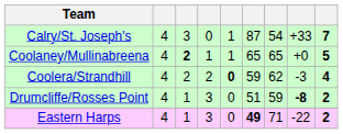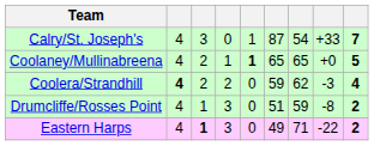 <table class="wikitable" style="text-align:center">
 <tr>
 <th style="width:175px;">Team</th>
 <th width="20"></th>
 <th width="20"></th>
 <th width="20"></th>
 <th width="20"></th>
 <th width="20"></th>
 <th width="20"></th>
 <th width="20"></th>
 <th width="20"></th>
 </tr>
 <tr style="background:#cfc;">
 <td><a href='#'>Calry/St. Joseph's</a></td>
 <td>4</td>
 <td>3</td>
 <td>0</td>
 <td>1</td>
 <td>87</td>
 <td>54</td>
 <td>+33</td>
 <td><strong>7</strong></td>
 </tr>
 <tr style="background:#cfc;">
 <td><a href='#'>Coolaney/Mullinabreena</a></td>
 <td>4</td>
-<td><strong>2</strong></td>
+<td>2</td>
 <td>1</td>
-<td>1</td>
+<td><strong>1</strong></td>
 <td>65</td>
 <td>65</td>
 <td>+0</td>
 <td><strong>5</strong></td>
 </tr>
 <tr style="background:#cfc;">
 <td><a href='#'>Coolera/Strandhill</a></td>
-<td>4</td>
+<td><strong>4</strong></td>
 <td>2</td>
 <td>2</td>
-<td><strong>0</strong></td>
+<td>0</td>
 <td>59</td>
 <td>62</td>
 <td>-3</td>
 <td><strong>4</strong></td>
 </tr>
 <tr style="background:#cfc;">
 <td><a href='#'>Drumcliffe/Rosses Point</a></td>
 <td>4</td>
 <td>1</td>
 <td>3</td>
 <td>0</td>
 <td>51</td>
 <td>59</td>
-<td><strong>-8</strong></td>
+<td>-8</td>
 <td><strong>2</strong></td>
 </tr>
 <tr style="background:#fcf;">
 <td><a href='#'>Eastern Harps</a></td>
 <td>4</td>
-<td>1</td>
+<td><strong>1</strong></td>
 <td>3</td>
 <td>0</td>
-<td><strong>49</strong></td>
+<td>49</td>
 <td>71</td>
 <td>-22</td>
 <td><strong>2</strong></td>
 </tr>
 </table>
